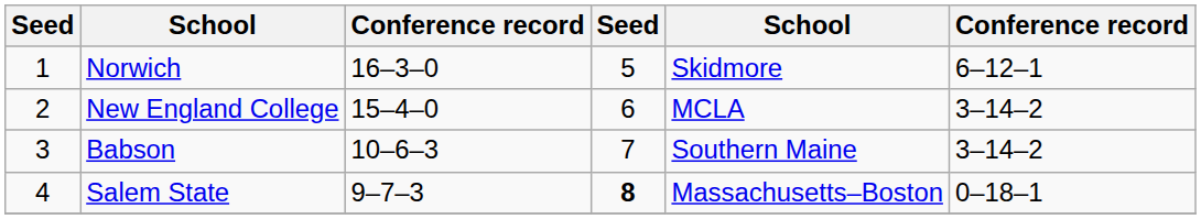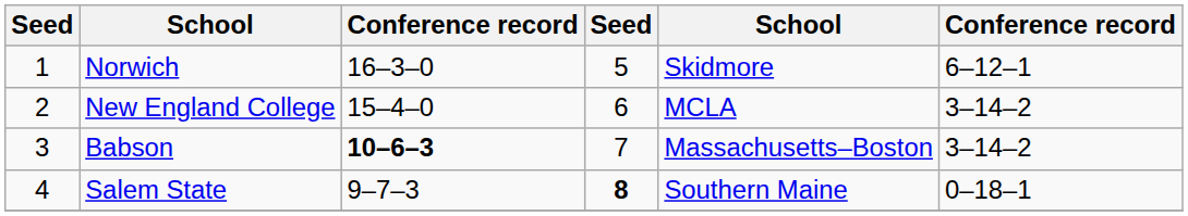 <table class="wikitable">
 <tr>
 <th>Seed</th>
 <th>School</th>
 <th>Conference record</th>
 <th>Seed</th>
 <th>School</th>
 <th>Conference record</th>
 </tr>
 <tr>
 <td align=center>1</td>
 <td><a href='#'>Norwich</a></td>
 <td>16–3–0</td>
 <td align=center>5</td>
 <td><a href='#'>Skidmore</a></td>
 <td>6–12–1</td>
 </tr>
 <tr>
 <td align=center>2</td>
 <td><a href='#'>New England College</a></td>
 <td>15–4–0</td>
 <td align=center>6</td>
 <td><a href='#'>MCLA</a></td>
 <td>3–14–2</td>
 </tr>
 <tr>
 <td align=center>3</td>
 <td><a href='#'>Babson</a></td>
-<td>10–6–3</td>
+<td><strong>10–6–3</strong></td>
 <td align=center>7</td>
-<td><a href='#'>Southern Maine</a></td>
+<td><a href='#'>Massachusetts–Boston</a></td>
 <td>3–14–2</td>
 </tr>
 <tr>
 <td align=center>4</td>
 <td><a href='#'>Salem State</a></td>
 <td>9–7–3</td>
 <td align=center><strong>8</strong></td>
-<td><a href='#'>Massachusetts–Boston</a></td>
+<td><a href='#'>Southern Maine</a></td>
 <td>0–18–1</td>
 </tr>
 <tr>
 </tr>
 </table>
